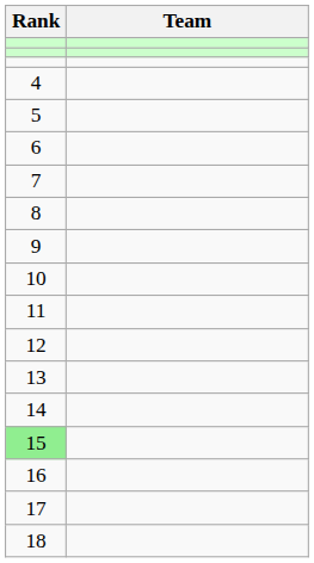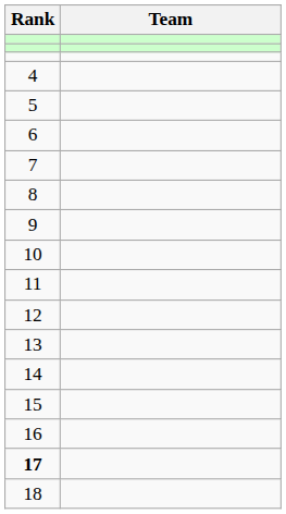 <table class="wikitable" style="text-align: center;">
 <tr>
 <th width=40>Rank</th>
 <th width=180>Team</th>
 </tr>
 <tr bgcolor=#ccffcc>
 <td></td>
 <td style="text-align: left;"></td>
 </tr>
 <tr bgcolor=#ccffcc>
 <td></td>
 <td style="text-align: left;"></td>
 </tr>
 <tr>
 <td></td>
 <td style="text-align: left;"></td>
 </tr>
 <tr>
 <td>4</td>
 <td style="text-align: left;"></td>
 </tr>
 <tr>
 <td>5</td>
 <td style="text-align: left;"></td>
 </tr>
 <tr>
 <td>6</td>
 <td style="text-align: left;"></td>
 </tr>
 <tr>
 <td>7</td>
 <td style="text-align: left;"></td>
 </tr>
 <tr>
 <td>8</td>
 <td style="text-align: left;"></td>
 </tr>
 <tr>
 <td>9</td>
 <td style="text-align: left;"></td>
 </tr>
 <tr>
 <td>10</td>
 <td style="text-align: left;"></td>
 </tr>
 <tr>
 <td>11</td>
 <td style="text-align: left;"></td>
 </tr>
 <tr>
 <td>12</td>
 <td style="text-align: left;"></td>
 </tr>
 <tr>
 <td>13</td>
 <td style="text-align: left;"></td>
 </tr>
 <tr>
 <td>14</td>
 <td style="text-align: left;"></td>
 </tr>
 <tr>
-<td style="background: lightgreen;">15</td>
+<td>15</td>
 <td style="text-align: left;"></td>
 </tr>
 <tr>
 <td>16</td>
 <td style="text-align: left;"></td>
 </tr>
 <tr>
-<td>17</td>
+<td><strong>17</strong></td>
 <td style="text-align: left;"></td>
 </tr>
 <tr>
 <td>18</td>
 <td style="text-align: left;"></td>
 </tr>
 </table>
